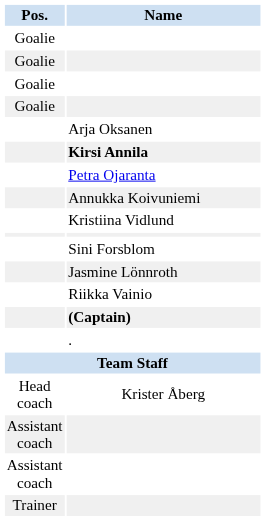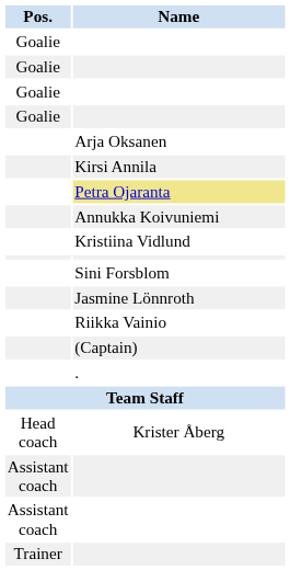 <table border="0" cellspacing="2" cellpadding="2">
 <tr bgcolor=#CEE0F2>
 <th width=40>Pos.</th>
 <th width=200>Name</th>
 </tr>
 <tr>
 <td align=center>Goalie</td>
 <td align=center></td>
 </tr>
 <tr bgcolor="#f0f0f0">
 <td align=center>Goalie</td>
 <td align=center></td>
 </tr>
 <tr>
 <td align=center>Goalie</td>
 <td align=center></td>
 </tr>
 <tr bgcolor="#f0f0f0">
 <td align=center>Goalie</td>
 <td align=center></td>
 </tr>
 <tr>
 <td align=center></td>
 <td>Arja Oksanen</td>
 </tr>
 <tr bgcolor="#f0f0f0">
 <td align=center></td>
-<td><strong>Kirsi Annila</strong></td>
+<td>Kirsi Annila</td>
 </tr>
 <tr>
 <td align=center></td>
-<td><a href='#'>Petra Ojaranta</a></td>
+<td style="background: khaki;"><a href='#'>Petra Ojaranta</a></td>
 </tr>
 <tr bgcolor="#f0f0f0">
 <td align=center></td>
 <td>Annukka Koivuniemi</td>
 </tr>
 <tr>
 <td align=center></td>
 <td>Kristiina Vidlund</td>
 </tr>
 <tr bgcolor="#f0f0f0">
 <td align=center></td>
 <td></td>
 </tr>
 <tr>
 <td align=center></td>
 <td>Sini Forsblom</td>
 </tr>
 <tr bgcolor="#f0f0f0">
 <td align=center></td>
 <td>Jasmine Lönnroth</td>
 </tr>
 <tr>
 <td align=center></td>
 <td>Riikka Vainio</td>
 </tr>
 <tr bgcolor="#f0f0f0">
 <td align=center></td>
-<td><strong> (Captain)</strong></td>
+<td> (Captain)</td>
 </tr>
 <tr>
 <td align=center></td>
 <td>.</td>
 </tr>
 <tr>
 <th style=background:#CEE0F2 colspan=3>Team Staff</th>
 </tr>
 <tr>
 <td align=center>Head coach</td>
 <td align=center>Krister Åberg</td>
 </tr>
 <tr bgcolor="#f0f0f0">
 <td align=center>Assistant coach</td>
 <td align=center>⁣⁣</td>
 </tr>
 <tr>
 <td align=center>Assistant coach</td>
 <td align=center></td>
 </tr>
 <tr bgcolor="#f0f0f0">
 <td align=center>Trainer</td>
 <td align=center></td>
 </tr>
 </table>
